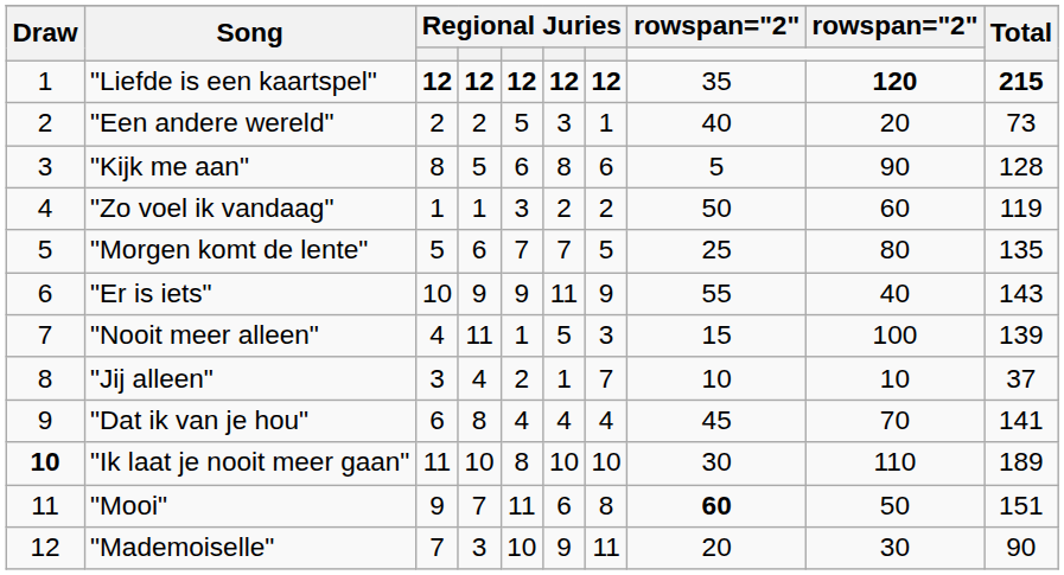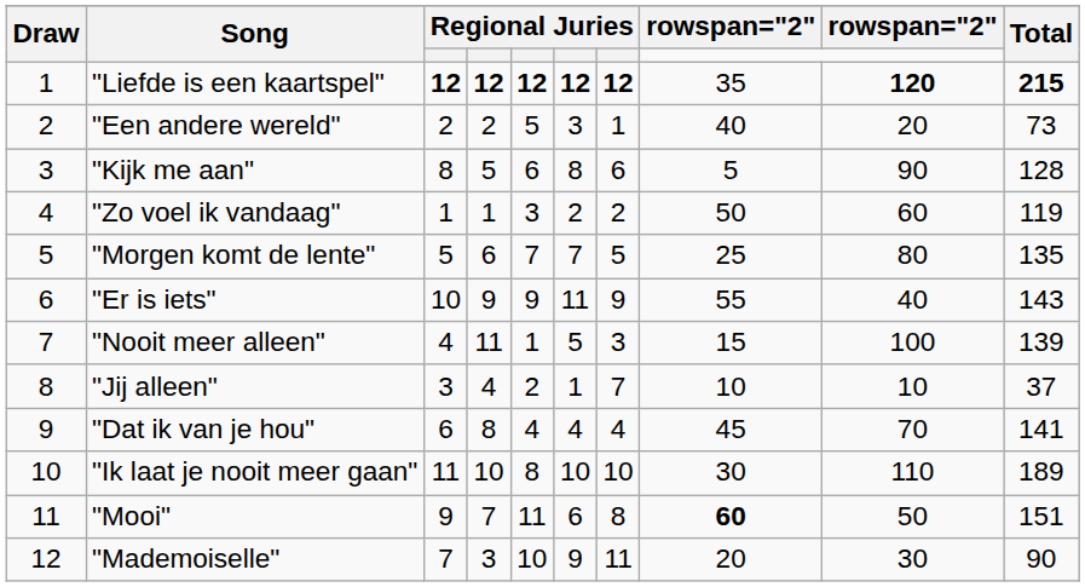 <table class="wikitable plainrowheaders" style="margin: 1em auto 1em auto; text-align:center;">
 <tr>
 </tr>
 <tr>
 <th rowspan="2">Draw</th>
 <th rowspan="2">Song</th>
 <th colspan="5">Regional Juries</th>
 <th>rowspan="2" </th>
 <th>rowspan="2" </th>
 <th rowspan="2">Total</th>
 </tr>
 <tr>
 <th></th>
 <th></th>
 <th></th>
 <th></th>
 <th></th>
 </tr>
 <tr --->
 <td>1</td>
 <td align="left">"Liefde is een kaartspel"</td>
 <td><strong>12</strong></td>
 <td><strong>12</strong></td>
 <td><strong>12</strong></td>
 <td><strong>12</strong></td>
 <td><strong>12</strong></td>
 <td>35</td>
 <td><strong>120</strong></td>
 <td><strong>215</strong></td>
 </tr>
 <tr --->
 <td>2</td>
 <td align="left">"Een andere wereld"</td>
 <td>2</td>
 <td>2</td>
 <td>5</td>
 <td>3</td>
 <td>1</td>
 <td>40</td>
 <td>20</td>
 <td>73</td>
 </tr>
 <tr --->
 <td>3</td>
 <td align="left">"Kijk me aan"</td>
 <td>8</td>
 <td>5</td>
 <td>6</td>
 <td>8</td>
 <td>6</td>
 <td>5</td>
 <td>90</td>
 <td>128</td>
 </tr>
 <tr --->
 <td>4</td>
 <td align="left">"Zo voel ik vandaag"</td>
 <td>1</td>
 <td>1</td>
 <td>3</td>
 <td>2</td>
 <td>2</td>
 <td>50</td>
 <td>60</td>
 <td>119</td>
 </tr>
 <tr --->
 <td>5</td>
 <td align="left">"Morgen komt de lente"</td>
 <td>5</td>
 <td>6</td>
 <td>7</td>
 <td>7</td>
 <td>5</td>
 <td>25</td>
 <td>80</td>
 <td>135</td>
 </tr>
 <tr --->
 <td>6</td>
 <td align="left">"Er is iets"</td>
 <td>10</td>
 <td>9</td>
 <td>9</td>
 <td>11</td>
 <td>9</td>
 <td>55</td>
 <td>40</td>
 <td>143</td>
 </tr>
 <tr --->
 <td>7</td>
 <td align="left">"Nooit meer alleen"</td>
 <td>4</td>
 <td>11</td>
 <td>1</td>
 <td>5</td>
 <td>3</td>
 <td>15</td>
 <td>100</td>
 <td>139</td>
 </tr>
 <tr --->
 <td>8</td>
 <td align="left">"Jij alleen"</td>
 <td>3</td>
 <td>4</td>
 <td>2</td>
 <td>1</td>
 <td>7</td>
 <td>10</td>
 <td>10</td>
 <td>37</td>
 </tr>
 <tr --->
 <td>9</td>
 <td align="left">"Dat ik van je hou"</td>
 <td>6</td>
 <td>8</td>
 <td>4</td>
 <td>4</td>
 <td>4</td>
 <td>45</td>
 <td>70</td>
 <td>141</td>
 </tr>
 <tr --->
-<td><strong>10</strong></td>
+<td>10</td>
 <td align="left">"Ik laat je nooit meer gaan"</td>
 <td>11</td>
 <td>10</td>
 <td>8</td>
 <td>10</td>
 <td>10</td>
 <td>30</td>
 <td>110</td>
 <td>189</td>
 </tr>
 <tr --->
 <td>11</td>
 <td align="left">"Mooi"</td>
 <td>9</td>
 <td>7</td>
 <td>11</td>
 <td>6</td>
 <td>8</td>
 <td><strong>60</strong></td>
 <td>50</td>
 <td>151</td>
 </tr>
 <tr --->
 <td>12</td>
 <td align="left">"Mademoiselle"</td>
 <td>7</td>
 <td>3</td>
 <td>10</td>
 <td>9</td>
 <td>11</td>
 <td>20</td>
 <td>30</td>
 <td>90</td>
 </tr>
 </table>
